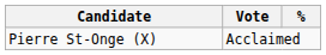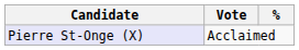 <table class="wikitable">
 <tr>
 <th bgcolor="#DDDDFF" width="200px">Candidate</th>
 <th bgcolor="#DDDDFF" width="50px">Vote</th>
 <th bgcolor="#DDDDFF" width="30px">%</th>
 </tr>
 <tr>
-<td>Pierre St-Onge (X)</td>
+<td style="background: lavender;">Pierre St-Onge (X)</td>
 <td colspan="2">Acclaimed</td>
 </tr>
 </table>
